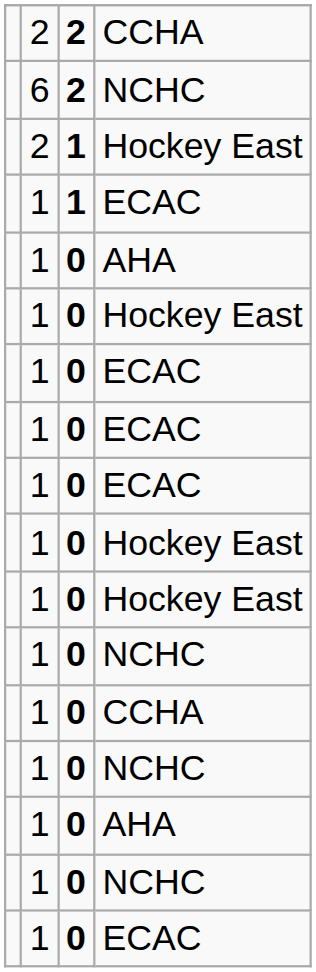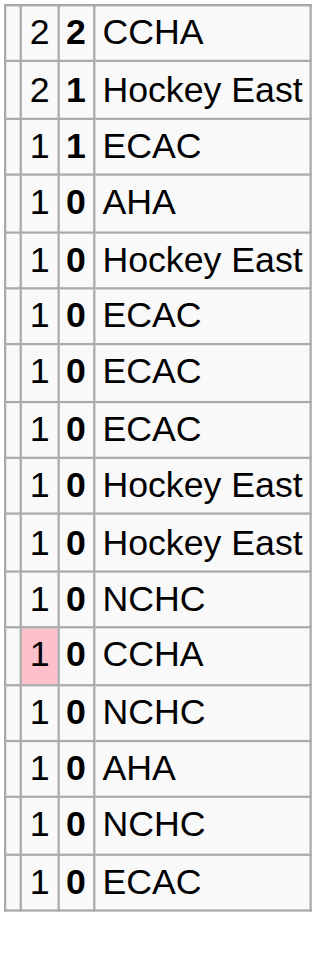 <table class="wikitable">
 <tr>
 </tr>
 <tr>
 <td></td>
 <td>2</td>
 <td><strong>2</strong></td>
 <td>CCHA</td>
-</tr>
-<tr>
-<td></td>
-<td>6</td>
-<td><strong>2</strong></td>
-<td>NCHC</td>
 </tr>
 <tr>
 <td></td>
 <td>2</td>
 <td><strong>1</strong></td>
 <td>Hockey East</td>
 </tr>
 <tr>
 <td></td>
 <td>1</td>
 <td><strong>1</strong></td>
 <td>ECAC</td>
 </tr>
 <tr>
 <td></td>
 <td>1</td>
 <td><strong>0</strong></td>
 <td>AHA</td>
 </tr>
 <tr>
 <td></td>
 <td>1</td>
 <td><strong>0</strong></td>
 <td>Hockey East</td>
 </tr>
 <tr>
 <td></td>
 <td>1</td>
 <td><strong>0</strong></td>
 <td>ECAC</td>
 </tr>
 <tr>
 <td></td>
 <td>1</td>
 <td><strong>0</strong></td>
 <td>ECAC</td>
 </tr>
 <tr>
 <td></td>
 <td>1</td>
 <td><strong>0</strong></td>
 <td>ECAC</td>
 </tr>
 <tr>
 <td></td>
 <td>1</td>
 <td><strong>0</strong></td>
 <td>Hockey East</td>
 </tr>
 <tr>
 <td></td>
 <td>1</td>
 <td><strong>0</strong></td>
 <td>Hockey East</td>
 </tr>
 <tr>
 <td></td>
 <td>1</td>
 <td><strong>0</strong></td>
 <td>NCHC</td>
 </tr>
 <tr>
 <td></td>
-<td>1</td>
+<td style="background: pink;">1</td>
 <td><strong>0</strong></td>
 <td>CCHA</td>
 </tr>
 <tr>
 <td></td>
 <td>1</td>
 <td><strong>0</strong></td>
 <td>NCHC</td>
 </tr>
 <tr>
 <td></td>
 <td>1</td>
 <td><strong>0</strong></td>
 <td>AHA</td>
 </tr>
 <tr>
 <td></td>
 <td>1</td>
 <td><strong>0</strong></td>
 <td>NCHC</td>
 </tr>
 <tr>
 <td></td>
 <td>1</td>
 <td><strong>0</strong></td>
 <td>ECAC</td>
 </tr>
 </table>
